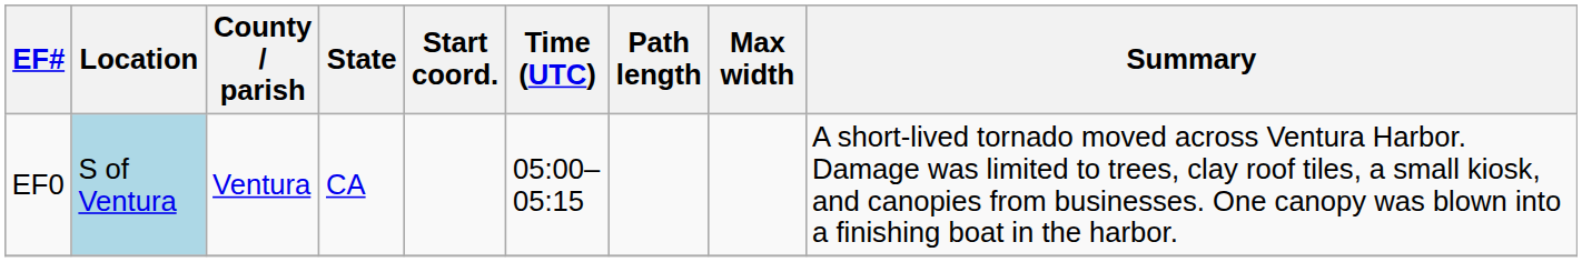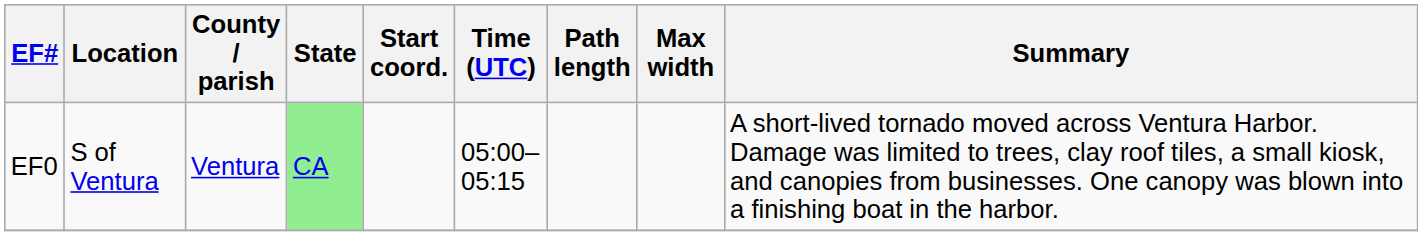 <table class="wikitable sortable" style="width:100%;">
 <tr>
 <th scope="col"  style="width:3%; text-align:center;"><a href='#'>EF#</a></th>
 <th scope="col"  style="width:7%; text-align:center;" class="unsortable">Location</th>
 <th scope="col"  style="width:6%; text-align:center;" class="unsortable">County / parish</th>
 <th scope="col"  style="width:5%; text-align:center;">State</th>
 <th scope="col"  style="width:6%; text-align:center;">Start coord.</th>
 <th scope="col"  style="width:6%; text-align:center;">Time (<a href='#'>UTC</a>)</th>
 <th scope="col"  style="width:6%; text-align:center;">Path length</th>
 <th scope="col"  style="width:6%; text-align:center;">Max width</th>
 <th scope="col" class="unsortable" style="width:48%; text-align:center;">Summary</th>
 </tr>
 <tr>
 <td bgcolor=>EF0</td>
-<td style="background: lightblue;">S of <a href='#'>Ventura</a></td>
+<td>S of <a href='#'>Ventura</a></td>
 <td><a href='#'>Ventura</a></td>
-<td><a href='#'>CA</a></td>
+<td style="background: lightgreen;"><a href='#'>CA</a></td>
 <td></td>
 <td>05:00–05:15</td>
 <td></td>
 <td></td>
 <td>A short-lived tornado moved across Ventura Harbor. Damage was limited to trees, clay roof tiles, a small kiosk, and canopies from businesses. One canopy was blown into a finishing boat in the harbor.</td>
 </tr>
 <tr>
 </tr>
 </table>
